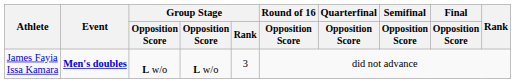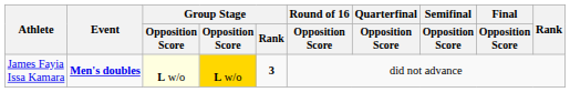 <table class="wikitable" style="font-size:90%">
 <tr>
 <th rowspan=2>Athlete</th>
 <th rowspan=2>Event</th>
 <th colspan=3>Group Stage</th>
 <th>Round of 16</th>
 <th>Quarterfinal</th>
 <th>Semifinal</th>
 <th>Final</th>
 <th rowspan=2>Rank</th>
 </tr>
 <tr style="font-size:95%">
 <th>Opposition<br>Score</th>
 <th>Opposition<br>Score</th>
 <th>Rank</th>
 <th>Opposition<br>Score</th>
 <th>Opposition<br>Score</th>
 <th>Opposition<br>Score</th>
 <th>Opposition<br>Score</th>
 </tr>
 <tr align=center>
 <td align=left><a href='#'>James Fayia</a><br><a href='#'>Issa Kamara</a></td>
 <td align=left><strong><a href='#'>Men's doubles</a></strong></td>
-<td><br><strong>L</strong> w/o</td>
-<td><br><strong>L</strong> w/o</td>
-<td>3</td>
+<td style="background: lightyellow;"><br><strong>L</strong> w/o</td>
+<td style="background: gold;"><br><strong>L</strong> w/o</td>
+<td><strong>3</strong></td>
 <td colspan=5>did not advance</td>
 </tr>
 </table>
